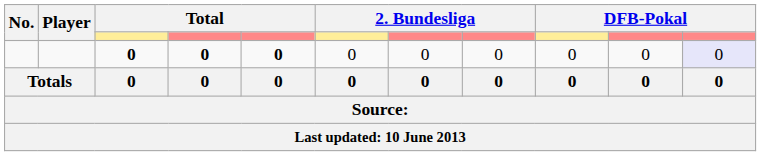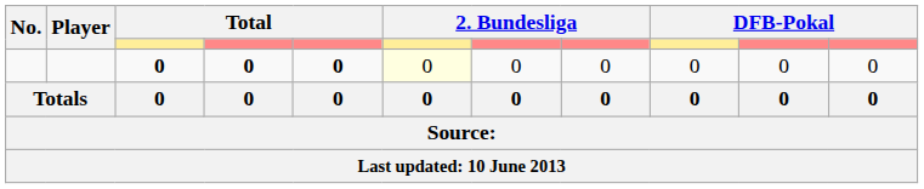 <table class="wikitable" style="text-align:center;">
 <tr style="text-align:center;">
 <th rowspan="2">No.</th>
 <th rowspan="2">Player</th>
 <th colspan="3">Total</th>
 <th colspan="3"><a href='#'>2. Bundesliga</a></th>
 <th colspan="3"><a href='#'>DFB-Pokal</a></th>
 </tr>
 <tr>
 <th style="width:60px; background:#fe9;"></th>
 <th style="width:60px; background:#ff8888;"></th>
 <th style="width:60px; background:#ff8888;"></th>
 <th style="width:60px; background:#fe9;"></th>
 <th style="width:60px; background:#ff8888;"></th>
 <th style="width:60px; background:#ff8888;"></th>
 <th style="width:60px; background:#fe9;"></th>
 <th style="width:60px; background:#ff8888;"></th>
 <th style="width:60px; background:#ff8888;"></th>
 </tr>
 <tr>
 <td></td>
 <td></td>
 <td><strong>0</strong> </td>
 <td><strong>0</strong> </td>
 <td><strong>0</strong> </td>
+<td style="background: lightyellow;">0 </td>
 <td>0 </td>
 <td>0 </td>
 <td>0 </td>
 <td>0 </td>
 <td>0 </td>
-<td style="background: lavender;">0 </td>
 </tr>
 <tr>
 <th colspan="2">Totals</th>
 <th>0 </th>
 <th>0 </th>
 <th>0 </th>
 <th>0 </th>
 <th>0 </th>
 <th>0 </th>
 <th>0 </th>
 <th>0 </th>
 <th>0 </th>
 </tr>
 <tr>
 <th colspan="11">Source:</th>
 </tr>
 <tr>
 <th colspan="11"><small>Last updated: 10 June 2013</small></th>
 </tr>
 </table>
